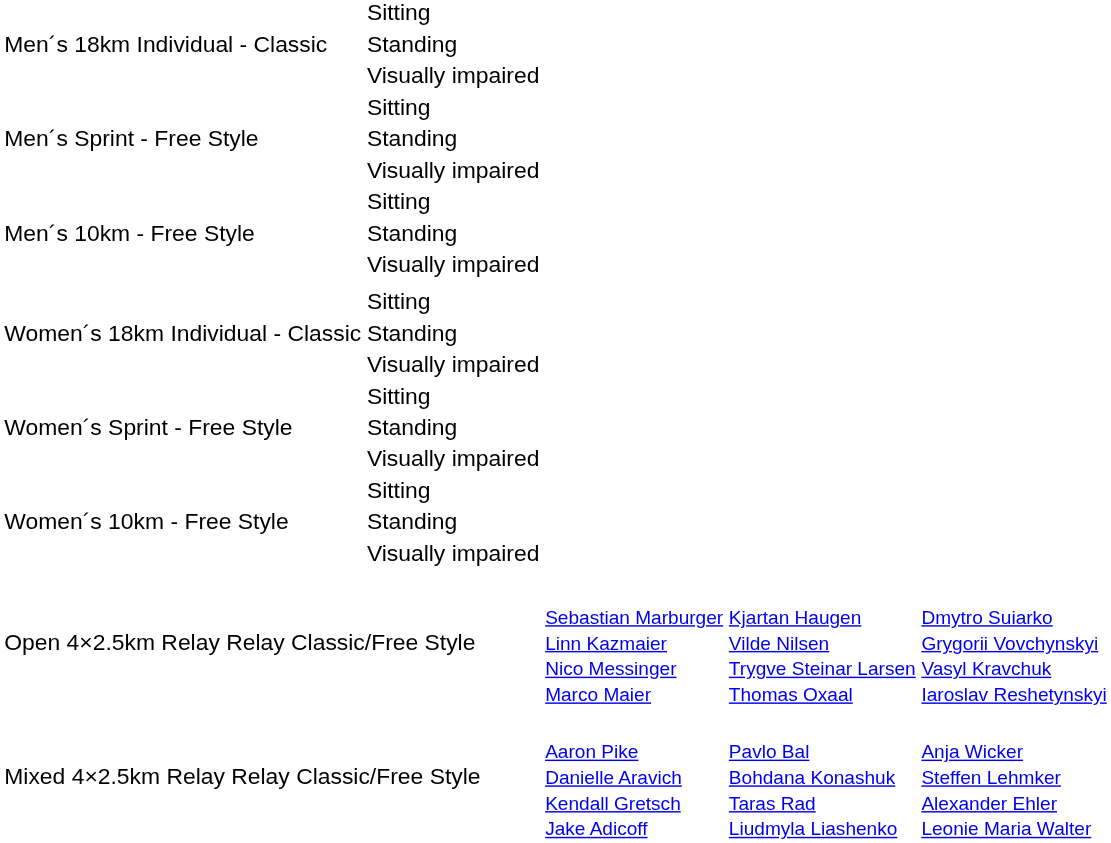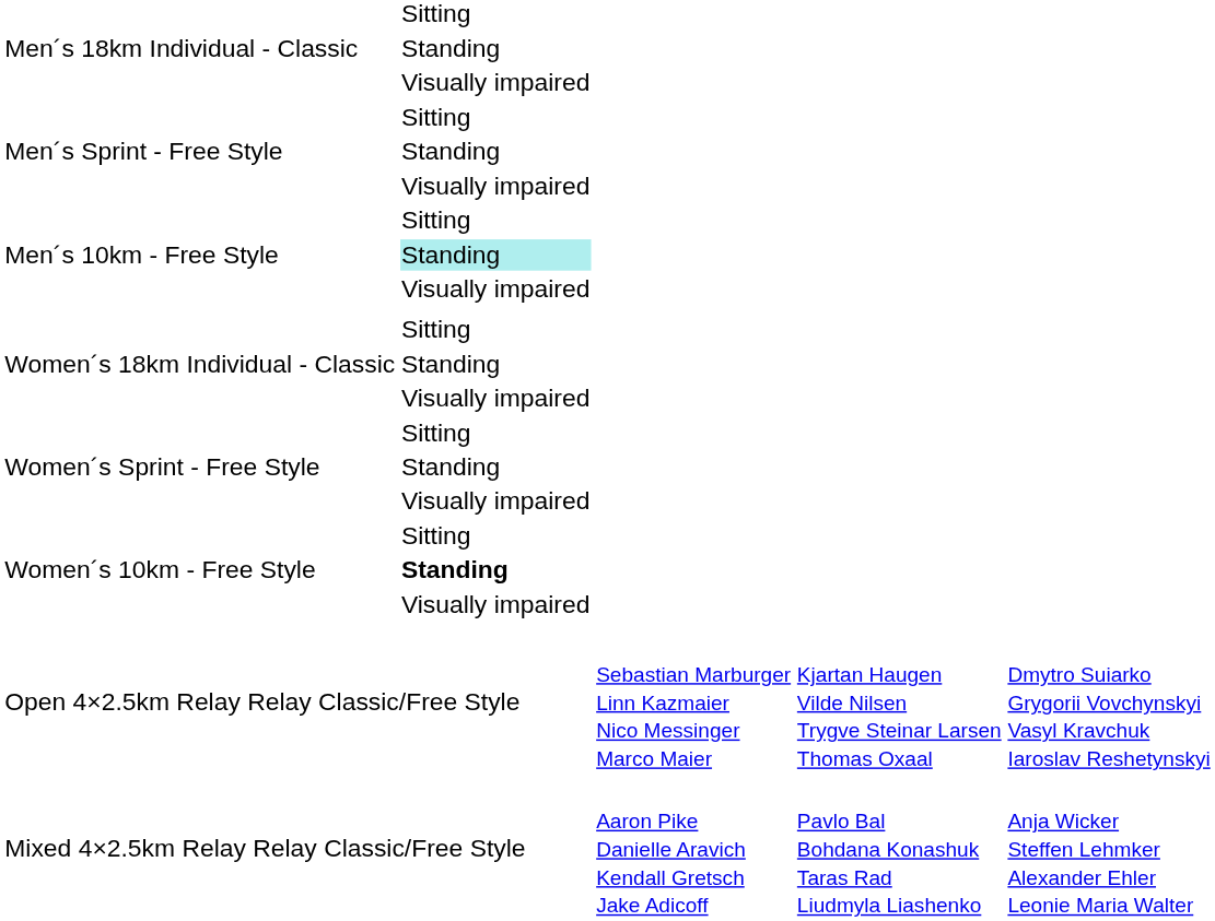 <table>
 <tr>
 <td rowspan=3>Men´s 18km Individual - Classic</td>
 <td>Sitting</td>
 <td></td>
 <td></td>
 <td></td>
 </tr>
 <tr>
 <td>Standing</td>
 <td></td>
 <td></td>
 <td></td>
 </tr>
 <tr>
 <td>Visually impaired</td>
 <td></td>
 <td></td>
 <td></td>
 </tr>
 <tr>
 <td rowspan=3>Men´s Sprint - Free Style</td>
 <td>Sitting</td>
 <td></td>
 <td></td>
 <td></td>
 </tr>
 <tr>
 <td>Standing</td>
 <td></td>
 <td></td>
 <td></td>
 </tr>
 <tr>
 <td>Visually impaired</td>
 <td></td>
 <td></td>
 <td></td>
 </tr>
 <tr>
 <td rowspan=3>Men´s 10km - Free Style</td>
 <td>Sitting</td>
 <td></td>
 <td></td>
 <td></td>
 </tr>
 <tr>
-<td>Standing</td>
+<td style="background: paleturquoise;">Standing</td>
 <td></td>
 <td></td>
 <td></td>
 </tr>
 <tr>
 <td>Visually impaired</td>
 <td></td>
 <td></td>
 <td></td>
 </tr>
 <tr>
 <th colspan=5></th>
 </tr>
 <tr>
 <td rowspan=3>Women´s 18km Individual - Classic</td>
 <td>Sitting</td>
 <td></td>
 <td></td>
 <td></td>
 </tr>
 <tr>
 <td>Standing</td>
 <td></td>
 <td></td>
 <td></td>
 </tr>
 <tr>
 <td>Visually impaired</td>
 <td></td>
 <td></td>
 <td></td>
 </tr>
 <tr>
 <td rowspan=3>Women´s Sprint - Free Style</td>
 <td>Sitting</td>
 <td></td>
 <td></td>
 <td></td>
 </tr>
 <tr>
 <td>Standing</td>
 <td></td>
 <td></td>
 <td></td>
 </tr>
 <tr>
 <td>Visually impaired</td>
 <td></td>
 <td></td>
 <td></td>
 </tr>
 <tr>
 <td rowspan=3>Women´s 10km - Free Style</td>
 <td>Sitting</td>
 <td></td>
 <td></td>
 <td></td>
 </tr>
 <tr>
-<td>Standing</td>
+<td><strong>Standing</strong></td>
 <td></td>
 <td></td>
 <td></td>
 </tr>
 <tr>
 <td>Visually impaired</td>
 <td></td>
 <td></td>
 <td></td>
 </tr>
 <tr>
 <th colspan=5></th>
 </tr>
 <tr>
 <td colspan=2>Open 4×2.5km Relay Relay Classic/Free Style</td>
 <td><br><small><a href='#'>Sebastian Marburger</a><br><a href='#'>Linn Kazmaier</a><br><a href='#'>Nico Messinger</a><br><a href='#'>Marco Maier</a></small></td>
 <td><br><small><a href='#'>Kjartan Haugen</a><br><a href='#'>Vilde Nilsen</a><br><a href='#'>Trygve Steinar Larsen</a><br><a href='#'>Thomas Oxaal</a></small></td>
 <td><br><small><a href='#'>Dmytro Suiarko</a><br><a href='#'>Grygorii Vovchynskyi</a><br><a href='#'>Vasyl Kravchuk</a><br><a href='#'>Iaroslav Reshetynskyi</a></small></td>
 </tr>
 <tr>
 <td colspan=2>Mixed 4×2.5km Relay Relay Classic/Free Style</td>
 <td><br><small><a href='#'>Aaron Pike</a><br><a href='#'>Danielle Aravich</a><br><a href='#'>Kendall Gretsch</a><br><a href='#'>Jake Adicoff</a></small></td>
 <td><br><small><a href='#'>Pavlo Bal</a><br><a href='#'>Bohdana Konashuk</a><br><a href='#'>Taras Rad</a><br><a href='#'>Liudmyla Liashenko</a></small></td>
 <td><br><small><a href='#'>Anja Wicker</a><br><a href='#'>Steffen Lehmker</a><br><a href='#'>Alexander Ehler</a><br><a href='#'>Leonie Maria Walter</a></small></td>
 </tr>
 </table>
